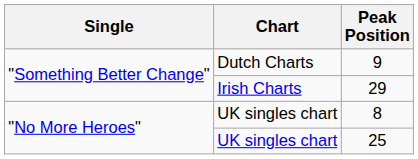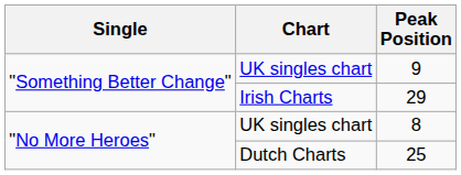 <table class="wikitable">
 <tr>
 <th>Single</th>
 <th>Chart</th>
 <th>Peak<br>Position</th>
 </tr>
 <tr>
 <td rowspan="2">"<a href='#'>Something Better Change</a>"</td>
-<td>Dutch Charts</td>
+<td><a href='#'>UK singles chart</a></td>
 <td style="text-align:center">9</td>
 </tr>
 <tr>
 <td><a href='#'>Irish Charts</a></td>
 <td style="text-align:center;">29</td>
 </tr>
 <tr>
 <td rowspan="2">"<a href='#'>No More Heroes</a>"</td>
 <td>UK singles chart</td>
 <td style="text-align:center;">8</td>
 </tr>
 <tr>
-<td><a href='#'>UK singles chart</a></td>
+<td>Dutch Charts</td>
 <td style="text-align:center">25</td>
 </tr>
 </table>
